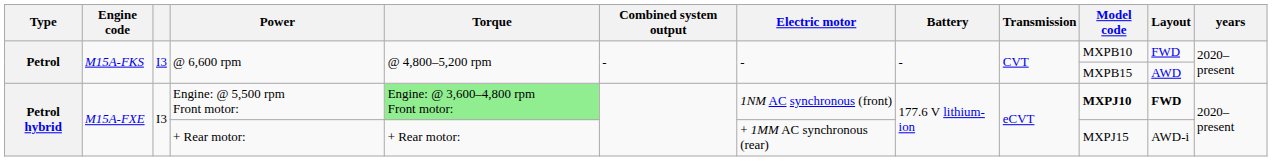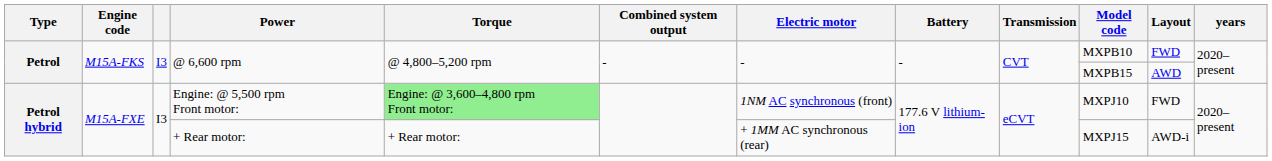 <table class="wikitable" style="text-align:left; font-size:80%;">
 <tr>
 <th>Type</th>
 <th>Engine code</th>
 <th></th>
 <th width="17%">Power</th>
 <th width="17%">Torque</th>
 <th>Combined system output</th>
 <th><a href='#'>Electric motor</a></th>
 <th>Battery</th>
 <th>Transmission</th>
 <th><a href='#'>Model code</a></th>
 <th>Layout</th>
 <th> years</th>
 </tr>
 <tr>
 <th rowspan="2">Petrol</th>
 <td rowspan="2"><em><a href='#'>M15A-FKS</a></em></td>
 <td rowspan="2"> <a href='#'>I3</a></td>
 <td rowspan="2"> @ 6,600 rpm</td>
 <td rowspan="2"> @ 4,800–5,200 rpm</td>
 <td rowspan="2">-</td>
 <td rowspan="2">-</td>
 <td rowspan="2">-</td>
 <td rowspan="2"><a href='#'>CVT</a></td>
 <td>MXPB10</td>
 <td><a href='#'>FWD</a></td>
 <td rowspan="2">2020–present</td>
 </tr>
 <tr>
 <td>MXPB15</td>
 <td><a href='#'>AWD</a></td>
 </tr>
 <tr>
 <th rowspan="2">Petrol <a href='#'>hybrid</a></th>
 <td rowspan="2"><em><a href='#'>M15A-FXE</a></em></td>
 <td rowspan="2"> I3</td>
 <td>Engine:  @ 5,500 rpm<br>Front motor: </td>
 <td style="background: lightgreen;">Engine:  @ 3,600–4,800 rpm<br>Front motor: </td>
 <td rowspan="2"></td>
 <td><em>1NM</em> <a href='#'>AC</a> <a href='#'>synchronous</a> (front)</td>
 <td rowspan="2">177.6 V <a href='#'>lithium-ion</a></td>
 <td rowspan="2"><a href='#'>eCVT</a></td>
-<td><strong>MXPJ10</strong></td>
-<td><strong>FWD</strong></td>
+<td>MXPJ10</td>
+<td>FWD</td>
 <td rowspan="4">2020–present</td>
 </tr>
 <tr>
 <td>+ Rear motor: </td>
 <td>+ Rear motor: </td>
 <td>+ <em>1MM</em> AC synchronous (rear)</td>
 <td>MXPJ15</td>
 <td>AWD-i</td>
 </tr>
 </table>
